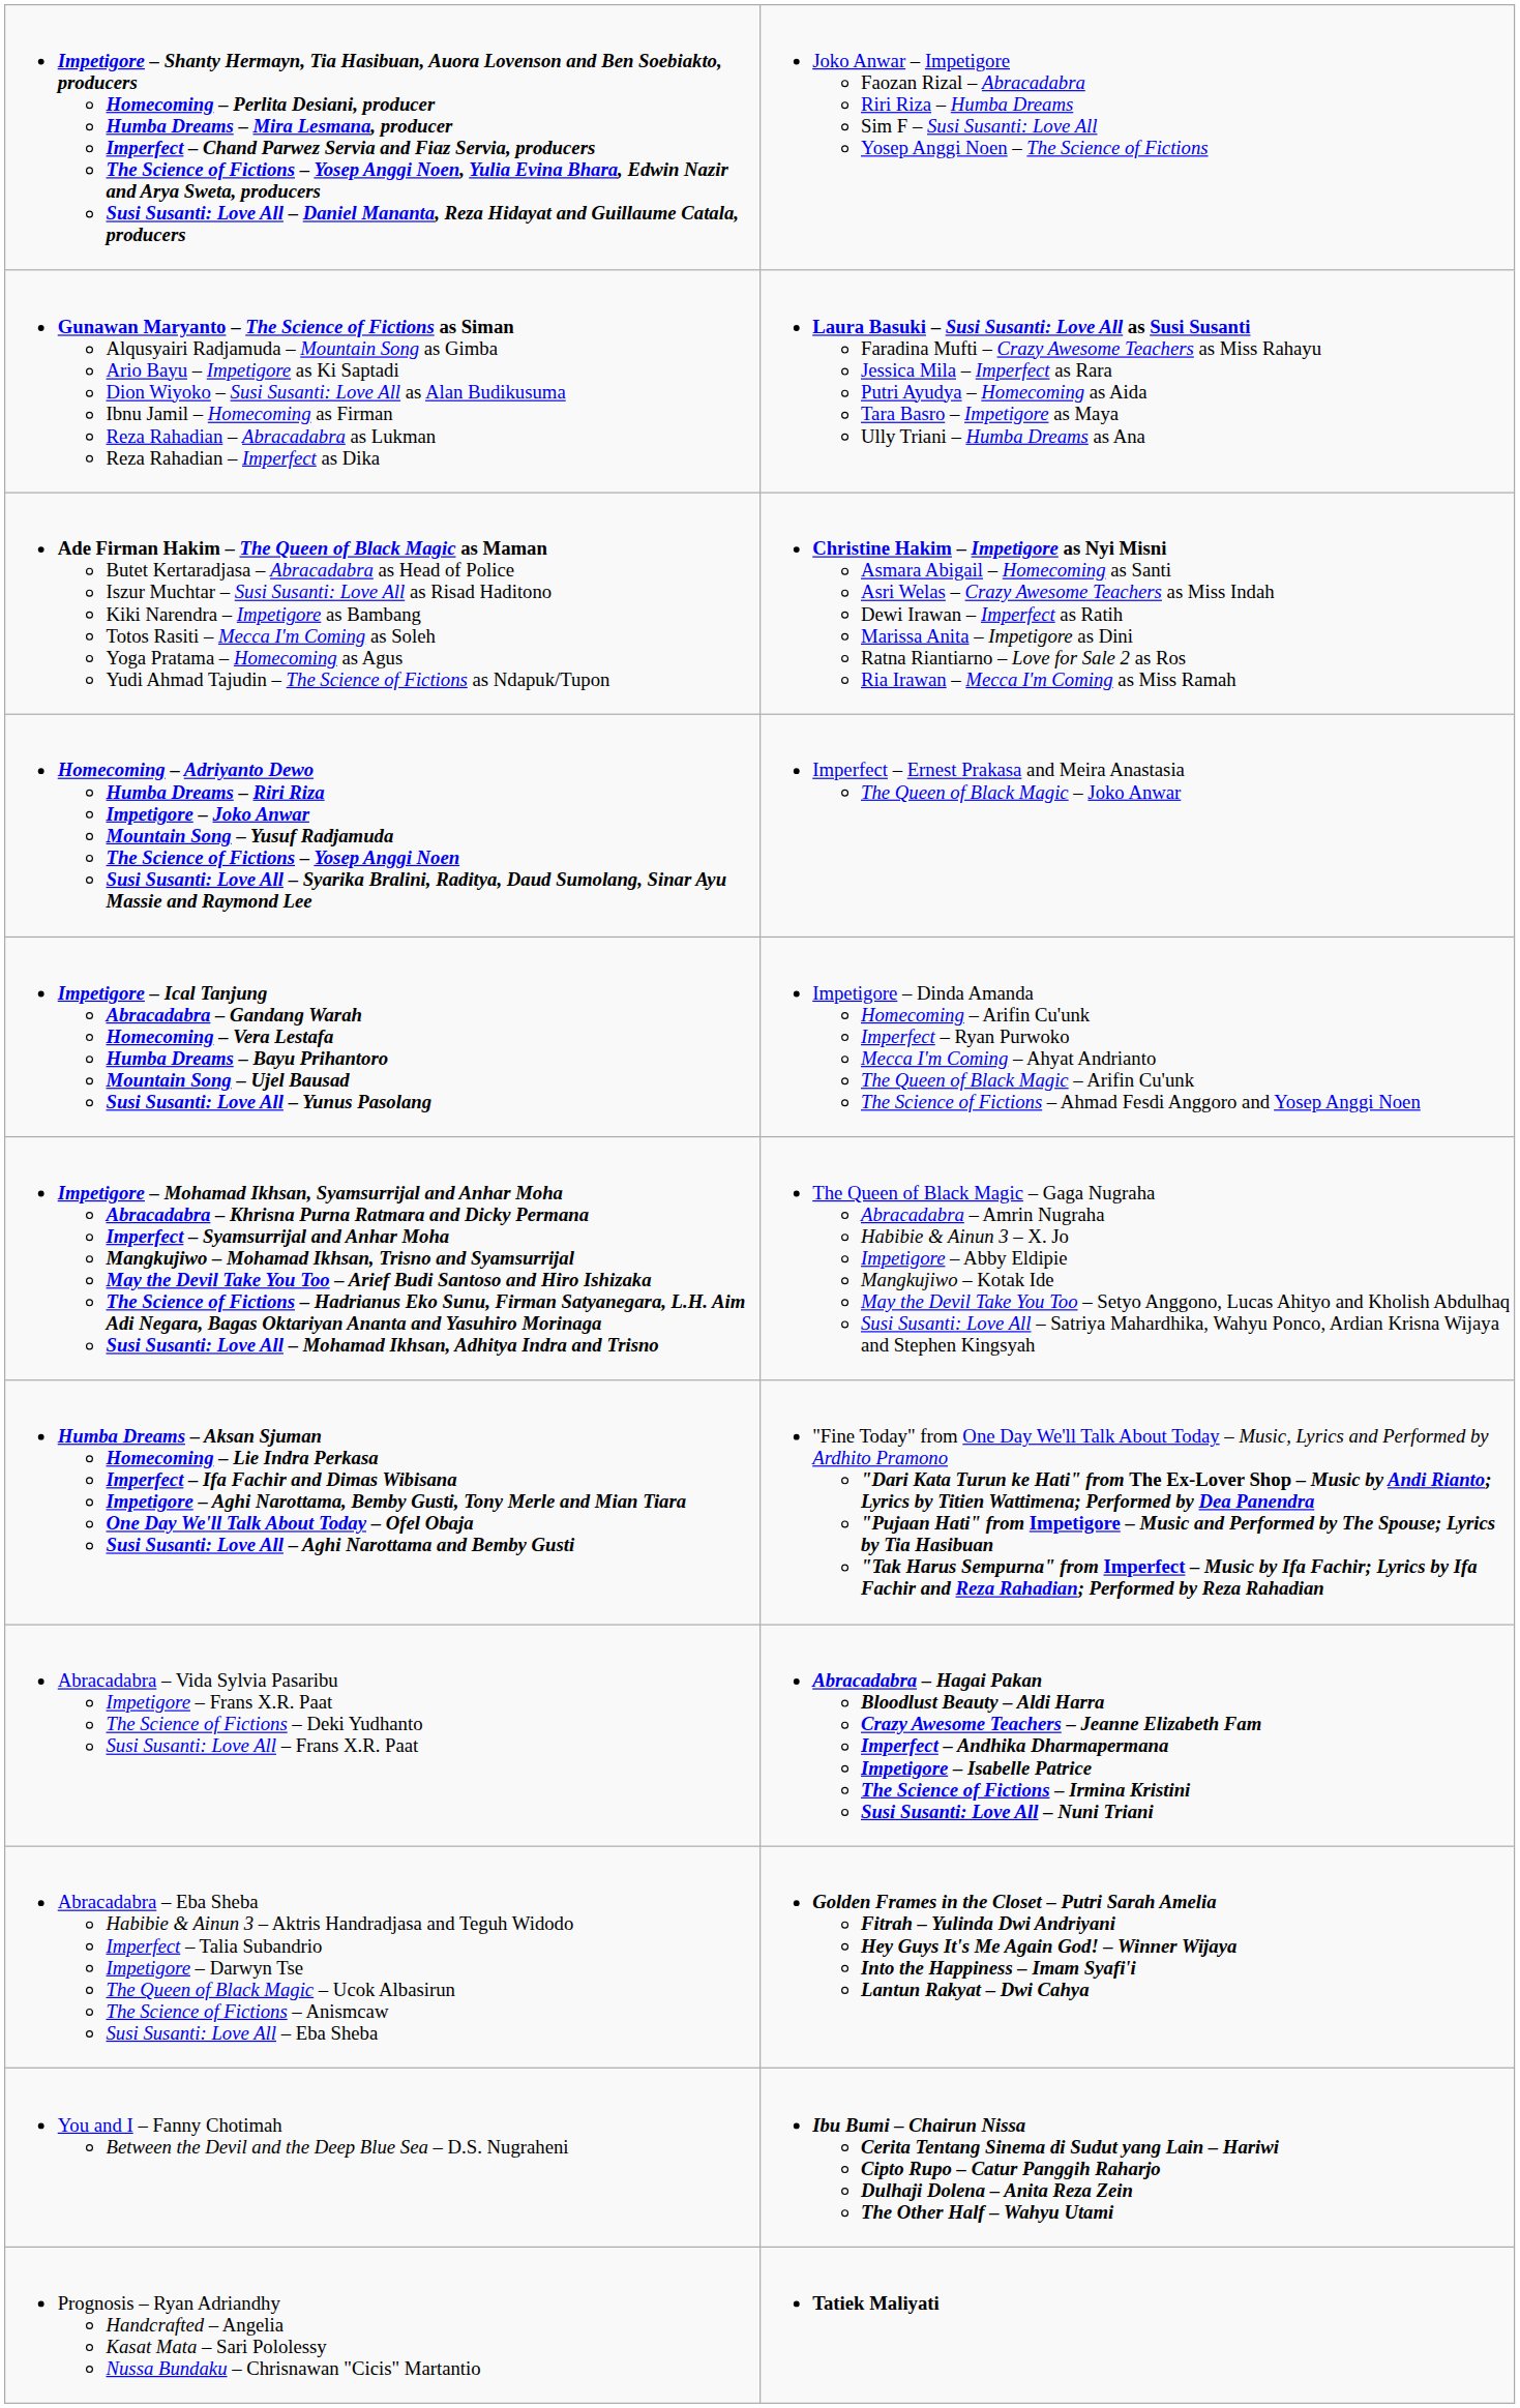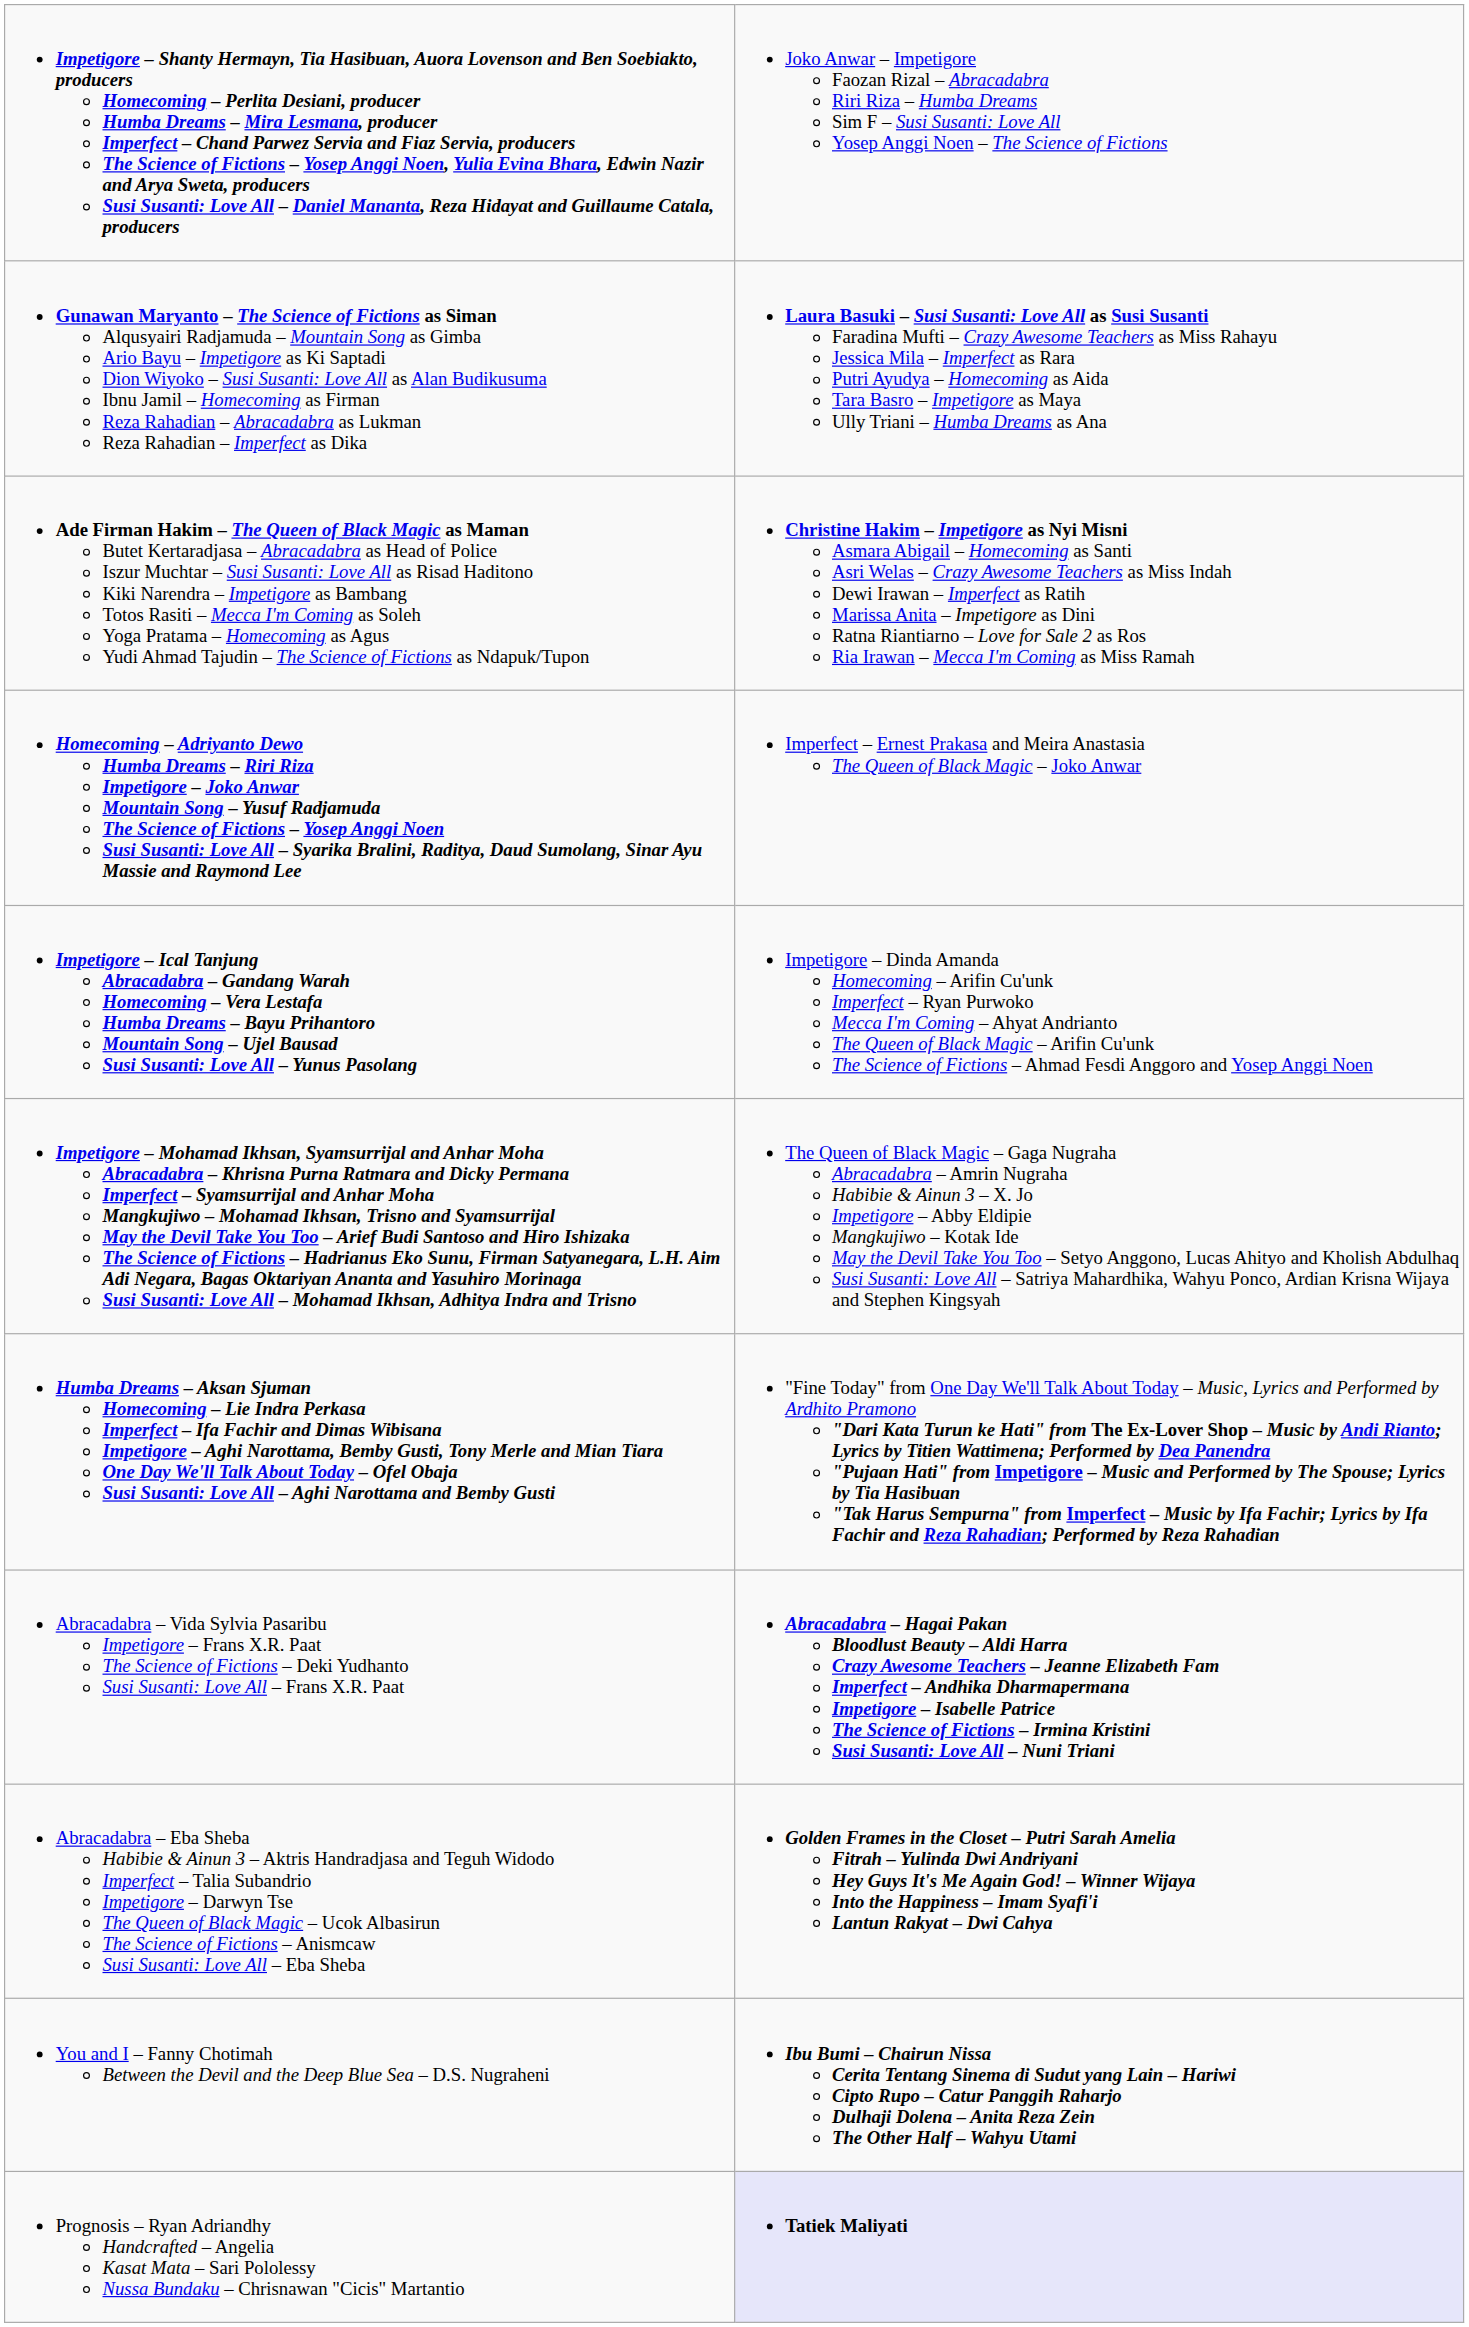 <table class="wikitable" role="presentation">
 <tr>
 <td style="vertical-align:top; width:50%;"><br><ul><li><strong><em><a href='#'>Impetigore</a><em> – Shanty Hermayn, Tia Hasibuan, Auora Lovenson and Ben Soebiakto, producers<strong><ul><li></em><a href='#'>Homecoming</a><em> – Perlita Desiani, producer</li><li></em><a href='#'>Humba Dreams</a><em> – <a href='#'>Mira Lesmana</a>, producer</li><li></em><a href='#'>Imperfect</a><em> – Chand Parwez Servia and Fiaz Servia, producers</li><li></em><a href='#'>The Science of Fictions</a><em> – <a href='#'>Yosep Anggi Noen</a>, <a href='#'>Yulia Evina Bhara</a>, Edwin Nazir and Arya Sweta, producers</li><li></em><a href='#'>Susi Susanti: Love All</a><em> – <a href='#'>Daniel Mananta</a>, Reza Hidayat and Guillaume Catala, producers</li></ul></li></ul></td>
 <td style="vertical-align:top; width:50%;"><br><ul><li></strong><a href='#'>Joko Anwar</a> – </em><a href='#'>Impetigore</a></em></strong><ul><li>Faozan Rizal – <em><a href='#'>Abracadabra</a></em></li><li><a href='#'>Riri Riza</a> – <em><a href='#'>Humba Dreams</a></em></li><li>Sim F – <em><a href='#'>Susi Susanti: Love All</a></em></li><li><a href='#'>Yosep Anggi Noen</a> – <em><a href='#'>The Science of Fictions</a></em></li></ul></li></ul></td>
 </tr>
 <tr>
 <td style="vertical-align:top; width:50%;"><br><ul><li><strong><a href='#'>Gunawan Maryanto</a> – <em><a href='#'>The Science of Fictions</a></em> as Siman</strong><ul><li>Alqusyairi Radjamuda – <em><a href='#'>Mountain Song</a></em> as Gimba</li><li><a href='#'>Ario Bayu</a> – <em><a href='#'>Impetigore</a></em> as Ki Saptadi</li><li><a href='#'>Dion Wiyoko</a> – <em><a href='#'>Susi Susanti: Love All</a></em> as <a href='#'>Alan Budikusuma</a></li><li>Ibnu Jamil – <em><a href='#'>Homecoming</a></em> as Firman</li><li><a href='#'>Reza Rahadian</a> – <em><a href='#'>Abracadabra</a></em> as Lukman</li><li>Reza Rahadian – <em><a href='#'>Imperfect</a></em> as Dika</li></ul></li></ul></td>
 <td style="vertical-align:top; width:50%;"><br><ul><li><strong><a href='#'>Laura Basuki</a> – <em><a href='#'>Susi Susanti: Love All</a></em> as <a href='#'>Susi Susanti</a></strong><ul><li>Faradina Mufti – <em><a href='#'>Crazy Awesome Teachers</a></em> as Miss Rahayu</li><li><a href='#'>Jessica Mila</a> – <em><a href='#'>Imperfect</a></em> as Rara</li><li><a href='#'>Putri Ayudya</a> – <em><a href='#'>Homecoming</a></em> as Aida</li><li><a href='#'>Tara Basro</a> – <em><a href='#'>Impetigore</a></em> as Maya</li><li>Ully Triani – <em><a href='#'>Humba Dreams</a></em> as Ana</li></ul></li></ul></td>
 </tr>
 <tr>
 <td style="vertical-align:top; width:50%;"><br><ul><li><strong>Ade Firman Hakim – <em><a href='#'>The Queen of Black Magic</a></em> as Maman</strong> <ul><li>Butet Kertaradjasa – <em><a href='#'>Abracadabra</a></em> as Head of Police</li><li>Iszur Muchtar – <em><a href='#'>Susi Susanti: Love All</a></em> as Risad Haditono</li><li>Kiki Narendra – <em><a href='#'>Impetigore</a></em> as Bambang</li><li>Totos Rasiti – <em><a href='#'>Mecca I'm Coming</a></em> as Soleh</li><li>Yoga Pratama – <em><a href='#'>Homecoming</a></em> as Agus</li><li>Yudi Ahmad Tajudin – <em><a href='#'>The Science of Fictions</a></em> as Ndapuk/Tupon</li></ul></li></ul></td>
 <td style="vertical-align:top; width:50%;"><br><ul><li><strong><a href='#'>Christine Hakim</a> – <em><a href='#'>Impetigore</a></em> as Nyi Misni</strong><ul><li><a href='#'>Asmara Abigail</a> – <em><a href='#'>Homecoming</a></em> as Santi</li><li><a href='#'>Asri Welas</a> – <em><a href='#'>Crazy Awesome Teachers</a></em> as Miss Indah</li><li>Dewi Irawan – <em><a href='#'>Imperfect</a></em> as Ratih</li><li><a href='#'>Marissa Anita</a> – <em>Impetigore</em> as Dini</li><li>Ratna Riantiarno – <em>Love for Sale 2</em> as Ros</li><li><a href='#'>Ria Irawan</a> – <em><a href='#'>Mecca I'm Coming</a></em> as Miss Ramah </li></ul></li></ul></td>
 </tr>
 <tr>
 <td style="vertical-align:top; width:50%;"><br><ul><li><strong><em><a href='#'>Homecoming</a><em> – <a href='#'>Adriyanto Dewo</a><strong><ul><li></em><a href='#'>Humba Dreams</a><em> – <a href='#'>Riri Riza</a></li><li></em><a href='#'>Impetigore</a><em> – <a href='#'>Joko Anwar</a></li><li></em><a href='#'>Mountain Song</a><em> – Yusuf Radjamuda</li><li></em><a href='#'>The Science of Fictions</a><em> – <a href='#'>Yosep Anggi Noen</a></li><li></em><a href='#'>Susi Susanti: Love All</a><em> – Syarika Bralini, Raditya, Daud Sumolang, Sinar Ayu Massie and Raymond Lee</li></ul></li></ul></td>
 <td style="vertical-align:top; width:50%;"><br><ul><li></em></strong><a href='#'>Imperfect</a></em> – <a href='#'>Ernest Prakasa</a> and Meira Anastasia</strong><ul><li><em><a href='#'>The Queen of Black Magic</a></em> – <a href='#'>Joko Anwar</a></li></ul></li></ul></td>
 </tr>
 <tr>
 <td style="vertical-align:top; width:50%;"><br><ul><li><strong><em><a href='#'>Impetigore</a><em> – Ical Tanjung<strong><ul><li></em><a href='#'>Abracadabra</a><em> – Gandang Warah</li><li></em><a href='#'>Homecoming</a><em> – Vera Lestafa</li><li></em><a href='#'>Humba Dreams</a><em> – Bayu Prihantoro</li><li></em><a href='#'>Mountain Song</a><em> – Ujel Bausad</li><li></em><a href='#'>Susi Susanti: Love All</a><em> – Yunus Pasolang</li></ul></li></ul></td>
 <td style="vertical-align:top; width:50%;"><br><ul><li></em></strong><a href='#'>Impetigore</a></em> – Dinda Amanda</strong><ul><li><em><a href='#'>Homecoming</a></em> – Arifin Cu'unk</li><li><em><a href='#'>Imperfect</a></em> – Ryan Purwoko</li><li><em><a href='#'>Mecca I'm Coming</a></em> – Ahyat Andrianto</li><li><em><a href='#'>The Queen of Black Magic</a></em> – Arifin Cu'unk</li><li><em><a href='#'>The Science of Fictions</a></em> – Ahmad Fesdi Anggoro and <a href='#'>Yosep Anggi Noen</a></li></ul></li></ul></td>
 </tr>
 <tr>
 <td style="vertical-align:top; width:50%;"><br><ul><li><strong><em><a href='#'>Impetigore</a><em> – Mohamad Ikhsan, Syamsurrijal and Anhar Moha<strong><ul><li></em><a href='#'>Abracadabra</a><em> – Khrisna Purna Ratmara and Dicky Permana</li><li></em><a href='#'>Imperfect</a><em> – Syamsurrijal and Anhar Moha</li><li></em>Mangkujiwo<em> – Mohamad Ikhsan, Trisno and Syamsurrijal</li><li></em><a href='#'>May the Devil Take You Too</a><em> – Arief Budi Santoso and Hiro Ishizaka</li><li></em><a href='#'>The Science of Fictions</a><em> – Hadrianus Eko Sunu, Firman Satyanegara, L.H. Aim Adi Negara, Bagas Oktariyan Ananta and Yasuhiro Morinaga</li><li></em><a href='#'>Susi Susanti: Love All</a><em> – Mohamad Ikhsan, Adhitya Indra and Trisno</li></ul></li></ul></td>
 <td style="vertical-align:top; width:50%;"><br><ul><li></em></strong><a href='#'>The Queen of Black Magic</a></em> – Gaga Nugraha</strong><ul><li><em><a href='#'>Abracadabra</a></em> – Amrin Nugraha</li><li><em>Habibie & Ainun 3</em> – X. Jo</li><li><em><a href='#'>Impetigore</a></em> – Abby Eldipie</li><li><em>Mangkujiwo</em> – Kotak Ide</li><li><em><a href='#'>May the Devil Take You Too</a></em> – Setyo Anggono, Lucas Ahityo and Kholish Abdulhaq</li><li><em><a href='#'>Susi Susanti: Love All</a></em> – Satriya Mahardhika, Wahyu Ponco, Ardian Krisna Wijaya and Stephen Kingsyah</li></ul></li></ul></td>
 </tr>
 <tr>
 <td style="vertical-align:top; width:50%;"><br><ul><li><strong><em><a href='#'>Humba Dreams</a><em> – Aksan Sjuman<strong><ul><li></em><a href='#'>Homecoming</a><em> – Lie Indra Perkasa</li><li></em><a href='#'>Imperfect</a><em> – Ifa Fachir and Dimas Wibisana</li><li></em><a href='#'>Impetigore</a><em> – Aghi Narottama, Bemby Gusti, Tony Merle and Mian Tiara</li><li></em><a href='#'>One Day We'll Talk About Today</a><em> – Ofel Obaja</li><li></em><a href='#'>Susi Susanti: Love All</a><em> – Aghi Narottama and Bemby Gusti</li></ul></li></ul></td>
 <td style="vertical-align:top; width:50%;"><br><ul><li></strong>"Fine Today" from </em><a href='#'>One Day We'll Talk About Today</a><em> – Music, Lyrics and Performed by <a href='#'>Ardhito Pramono</a><strong><ul><li>"Dari Kata Turun ke Hati" from </em>The Ex-Lover Shop<em> – Music by <a href='#'>Andi Rianto</a>; Lyrics by Titien Wattimena; Performed by <a href='#'>Dea Panendra</a></li><li>"Pujaan Hati" from </em><a href='#'>Impetigore</a><em> – Music and Performed by The Spouse; Lyrics by Tia Hasibuan</li><li>"Tak Harus Sempurna" from </em><a href='#'>Imperfect</a><em> – Music by Ifa Fachir; Lyrics by Ifa Fachir and <a href='#'>Reza Rahadian</a>; Performed by Reza Rahadian</li></ul></li></ul></td>
 </tr>
 <tr>
 <td style="vertical-align:top; width:50%;"><br><ul><li></em></strong><a href='#'>Abracadabra</a></em> – Vida Sylvia Pasaribu</strong><ul><li><em><a href='#'>Impetigore</a></em> – Frans X.R. Paat</li><li><em><a href='#'>The Science of Fictions</a></em> – Deki Yudhanto</li><li><em><a href='#'>Susi Susanti: Love All</a></em> – Frans X.R. Paat</li></ul></li></ul></td>
 <td style="vertical-align:top; width:50%;"><br><ul><li><strong><em><a href='#'>Abracadabra</a><em> – Hagai Pakan<strong><ul><li></em>Bloodlust Beauty<em> – Aldi Harra</li><li></em><a href='#'>Crazy Awesome Teachers</a><em> – Jeanne Elizabeth Fam</li><li></em><a href='#'>Imperfect</a><em> – Andhika Dharmapermana</li><li></em><a href='#'>Impetigore</a><em> – Isabelle Patrice</li><li></em><a href='#'>The Science of Fictions</a><em> – Irmina Kristini</li><li></em><a href='#'>Susi Susanti: Love All</a><em> – Nuni Triani</li></ul></li></ul></td>
 </tr>
 <tr>
 <td style="vertical-align:top; width:50%;"><br><ul><li></em></strong><a href='#'>Abracadabra</a></em> – Eba Sheba</strong><ul><li><em>Habibie & Ainun 3</em> – Aktris Handradjasa and Teguh Widodo</li><li><em><a href='#'>Imperfect</a></em> – Talia Subandrio</li><li><em><a href='#'>Impetigore</a></em> – Darwyn Tse</li><li><em><a href='#'>The Queen of Black Magic</a></em> – Ucok Albasirun</li><li><em><a href='#'>The Science of Fictions</a></em> – Anismcaw</li><li><em><a href='#'>Susi Susanti: Love All</a></em> – Eba Sheba</li></ul></li></ul></td>
 <td style="vertical-align:top; width:50%;"><br><ul><li><strong><em>Golden Frames in the Closet<em> – Putri Sarah Amelia<strong><ul><li></em>Fitrah<em> – Yulinda Dwi Andriyani</li><li></em>Hey Guys It's Me Again God!<em> – Winner Wijaya</li><li></em>Into the Happiness<em> – Imam Syafi'i</li><li></em>Lantun Rakyat<em> – Dwi Cahya</li></ul></li></ul></td>
 </tr>
 <tr>
 <td style="vertical-align:top; width:50%;"><br><ul><li></em></strong><a href='#'>You and I</a></em> – Fanny Chotimah</strong><ul><li><em>Between the Devil and the Deep Blue Sea</em> – D.S. Nugraheni</li></ul></li></ul></td>
 <td style="vertical-align:top; width:50%;"><br><ul><li><strong><em>Ibu Bumi<em> – Chairun Nissa<strong><ul><li></em>Cerita Tentang Sinema di Sudut yang Lain<em> – Hariwi</li><li></em>Cipto Rupo<em> – Catur Panggih Raharjo</li><li></em>Dulhaji Dolena<em> – Anita Reza Zein</li><li></em>The Other Half<em> – Wahyu Utami</li></ul></li></ul></td>
 </tr>
 <tr>
 <td style="vertical-align:top; width:50%;"><br><ul><li></em></strong>Prognosis</em> – Ryan Adriandhy</strong><ul><li><em>Handcrafted</em> – Angelia</li><li><em>Kasat Mata</em> – Sari Pololessy</li><li><em><a href='#'>Nussa Bundaku</a></em> – Chrisnawan "Cicis" Martantio</li></ul></li></ul></td>
-<td style="vertical-align:top; width:50%;"><br><ul><li><strong>Tatiek Maliyati</strong></li></ul></td>
+<td style="background: lavender; vertical-align:top; width:50%;"><br><ul><li><strong>Tatiek Maliyati</strong></li></ul></td>
 </tr>
 </table>
